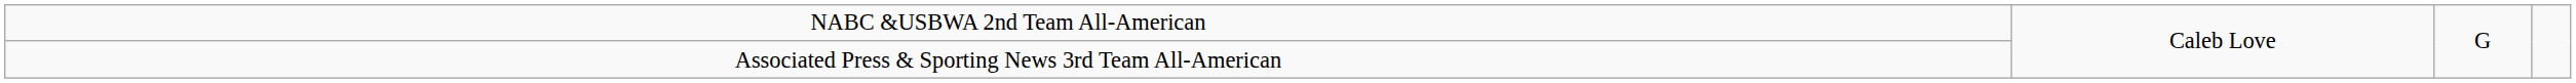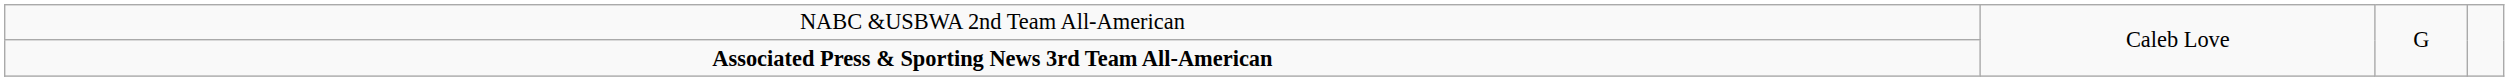 <table class="wikitable" style="width: 90%;text-align: center;">
 <tr align="center">
 <td>NABC &USBWA 2nd Team All-American</td>
 <td rowspan="2">Caleb Love</td>
 <td rowspan="2">G</td>
 <td rowspan="4"></td>
 </tr>
 <tr>
-<td>Associated Press &  Sporting News 3rd Team All-American</td>
+<td><strong>Associated Press &  Sporting News 3rd Team All-American</strong></td>
 </tr>
 </table>
